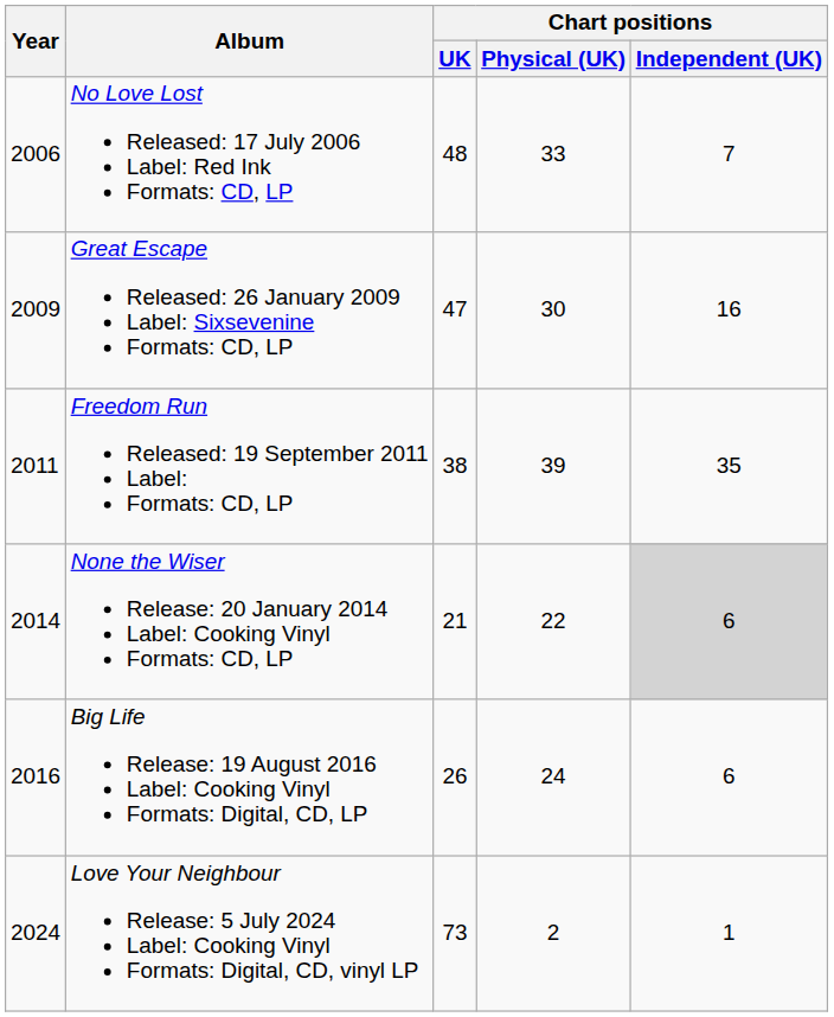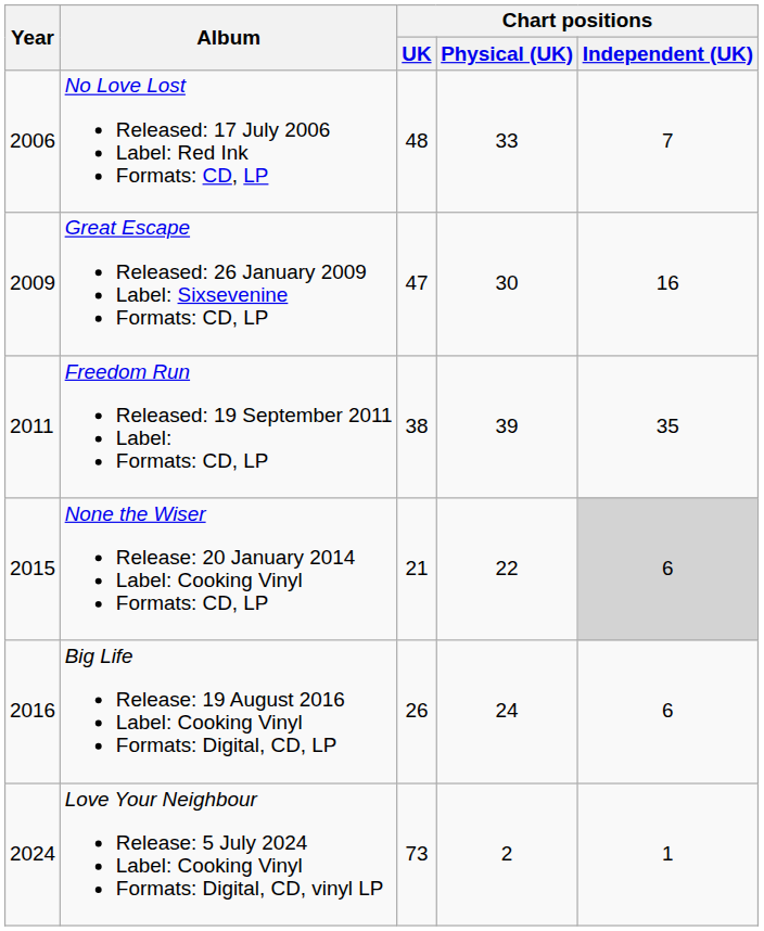 <table class="wikitable">
 <tr>
 <th rowspan="2">Year</th>
 <th rowspan="2">Album</th>
 <th colspan="3">Chart positions</th>
 </tr>
 <tr>
 <th colspan="1"><a href='#'>UK</a><br></th>
 <th colspan="1"><a href='#'>Physical (UK)</a><br></th>
 <th colspan="1"><a href='#'>Independent (UK)</a><br></th>
 </tr>
 <tr>
 <td>2006</td>
 <td><em><a href='#'>No Love Lost</a></em><br><ul><li>Released: 17 July 2006</li><li>Label: Red Ink</li><li>Formats: <a href='#'>CD</a>, <a href='#'>LP</a></li></ul></td>
 <td align="center">48</td>
 <td align="center">33</td>
 <td align="center">7</td>
 </tr>
 <tr>
 <td>2009</td>
 <td><em><a href='#'>Great Escape</a></em><br><ul><li>Released: 26 January 2009</li><li>Label: <a href='#'>Sixsevenine</a></li><li>Formats: CD, LP</li></ul></td>
 <td align="center">47</td>
 <td align="center">30</td>
 <td align="center">16</td>
 </tr>
 <tr>
 <td>2011</td>
 <td><em><a href='#'>Freedom Run</a></em><br><ul><li>Released: 19 September 2011</li><li>Label:</li><li>Formats: CD, LP</li></ul></td>
 <td align="center">38</td>
 <td align="center">39</td>
 <td align="center">35</td>
 </tr>
 <tr>
-<td>2014</td>
+<td>2015</td>
 <td><em><a href='#'>None the Wiser</a></em><br><ul><li>Release: 20 January 2014</li><li>Label: Cooking Vinyl</li><li>Formats: CD, LP</li></ul></td>
 <td align="center">21</td>
 <td align="center">22</td>
 <td align="center" style="background: lightgrey;">6</td>
 </tr>
 <tr>
 <td>2016</td>
 <td><em>Big Life</em><br><ul><li>Release: 19 August 2016</li><li>Label: Cooking Vinyl</li><li>Formats: Digital, CD, LP</li></ul></td>
 <td align="center">26</td>
 <td align="center">24</td>
 <td align="center">6</td>
 </tr>
 <tr>
 <td>2024</td>
 <td><em>Love Your Neighbour</em><br><ul><li>Release: 5 July 2024</li><li>Label: Cooking Vinyl</li><li>Formats: Digital, CD, vinyl LP</li></ul></td>
 <td align="center">73</td>
 <td align="center">2</td>
 <td align="center">1</td>
 </tr>
 </table>
